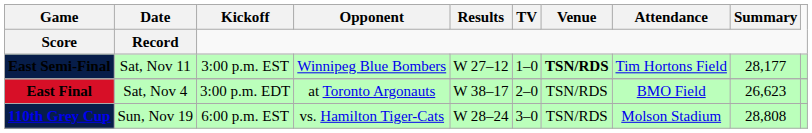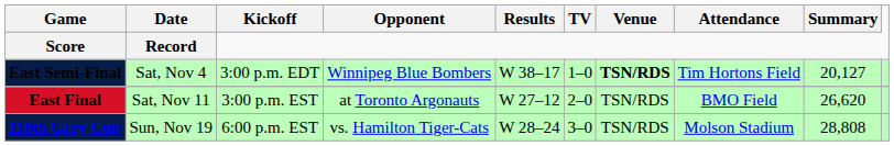 <table class="wikitable" style="font-size: 95%;">
 <tr>
 <th scope="col">Game</th>
 <th scope="col">Date</th>
 <th scope="col">Kickoff</th>
 <th scope="col">Opponent</th>
 <th scope="col">Results</th>
 <th scope="col">TV</th>
 <th scope="col">Venue</th>
 <th scope="col">Attendance</th>
 <th scope="col">Summary</th>
 </tr>
 <tr>
 <th scope="col">Score</th>
 <th scope="col">Record</th>
 </tr>
 <tr align="center" bgcolor="#bbffbb">
 <th style="text-align:center; background:#071D49;"><span><strong>East Semi-Final</strong></span></th>
-<td align="center">Sat, Nov 11</td>
-<td align="center">3:00 p.m. EST</td>
+<td align="center">Sat, Nov 4</td>
+<td align="center">3:00 p.m. EDT</td>
 <td align="center"><a href='#'>Winnipeg Blue Bombers</a></td>
-<td align="center">W 27–12</td>
+<td align="center">W 38–17</td>
 <td align="center">1–0</td>
 <td align="center"><strong>TSN/RDS</strong></td>
 <td align="center"><a href='#'>Tim Hortons Field</a></td>
-<td align="center">28,177</td>
+<td align="center">20,127</td>
 <td align="center"></td>
 </tr>
 <tr bgcolor="#ffffff" align="center">
 </tr>
 <tr align="center" bgcolor="#bbffbb">
 <th style="text-align:center; background:#D70F27;"><span><strong>East Final</strong></span></th>
-<td align="center">Sat, Nov 4</td>
-<td align="center">3:00 p.m. EDT</td>
+<td align="center">Sat, Nov 11</td>
+<td align="center">3:00 p.m. EST</td>
 <td align="center">at <a href='#'>Toronto Argonauts</a></td>
-<td align="center">W 38–17</td>
+<td align="center">W 27–12</td>
 <td align="center">2–0</td>
 <td align="center">TSN/RDS</td>
 <td align="center"><a href='#'>BMO Field</a></td>
-<td align="center">26,623</td>
+<td align="center">26,620</td>
 <td align="center"></td>
 </tr>
 <tr bgcolor="#ffffff" align="center">
 </tr>
 <tr align="center" bgcolor="#bbffbb">
 <th style="text-align:center; background:#071D49;"><span><a href='#'><span>110th Grey Cup</span></a></span></th>
 <td align="center">Sun, Nov 19</td>
 <td align="center">6:00 p.m. EST</td>
 <td align="center">vs. <a href='#'>Hamilton Tiger-Cats</a></td>
 <td align="center">W 28–24</td>
 <td align="center">3–0</td>
 <td align="center">TSN/RDS</td>
 <td align="center"><a href='#'>Molson Stadium</a></td>
 <td align="center">28,808</td>
 <td align="center"></td>
 </tr>
 </table>
